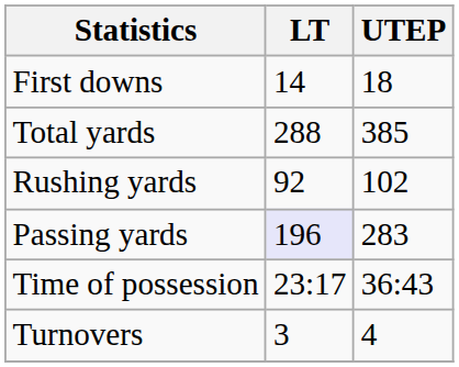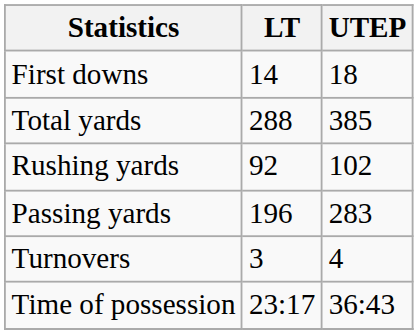 <table class="wikitable" style="float: left;">
 <tr>
 <th>Statistics</th>
 <th>LT</th>
 <th>UTEP</th>
 </tr>
 <tr>
 <td>First downs</td>
 <td>14</td>
 <td>18</td>
 </tr>
 <tr>
 <td>Total yards</td>
 <td>288</td>
 <td>385</td>
 </tr>
 <tr>
 <td>Rushing yards</td>
 <td>92</td>
 <td>102</td>
 </tr>
 <tr>
 <td>Passing yards</td>
-<td style="background: lavender;">196</td>
+<td>196</td>
 <td>283</td>
+</tr>
+<tr>
+<td>Turnovers</td>
+<td>3</td>
+<td>4</td>
 </tr>
 <tr>
 <td>Time of possession</td>
 <td>23:17</td>
 <td>36:43</td>
 </tr>
 <tr>
-<td>Turnovers</td>
-<td>3</td>
-<td>4</td>
-</tr>
-<tr>
 </tr>
 </table>
